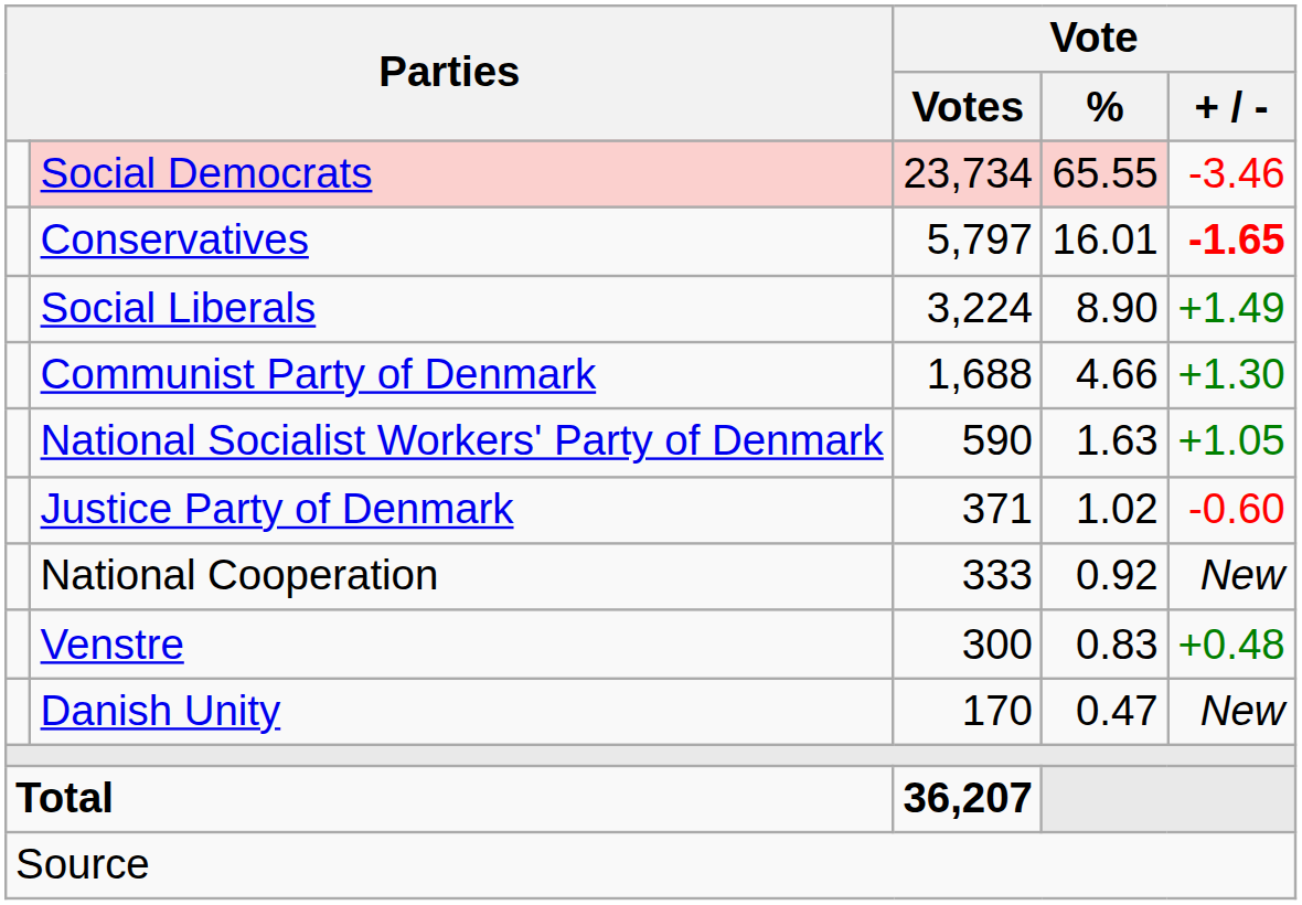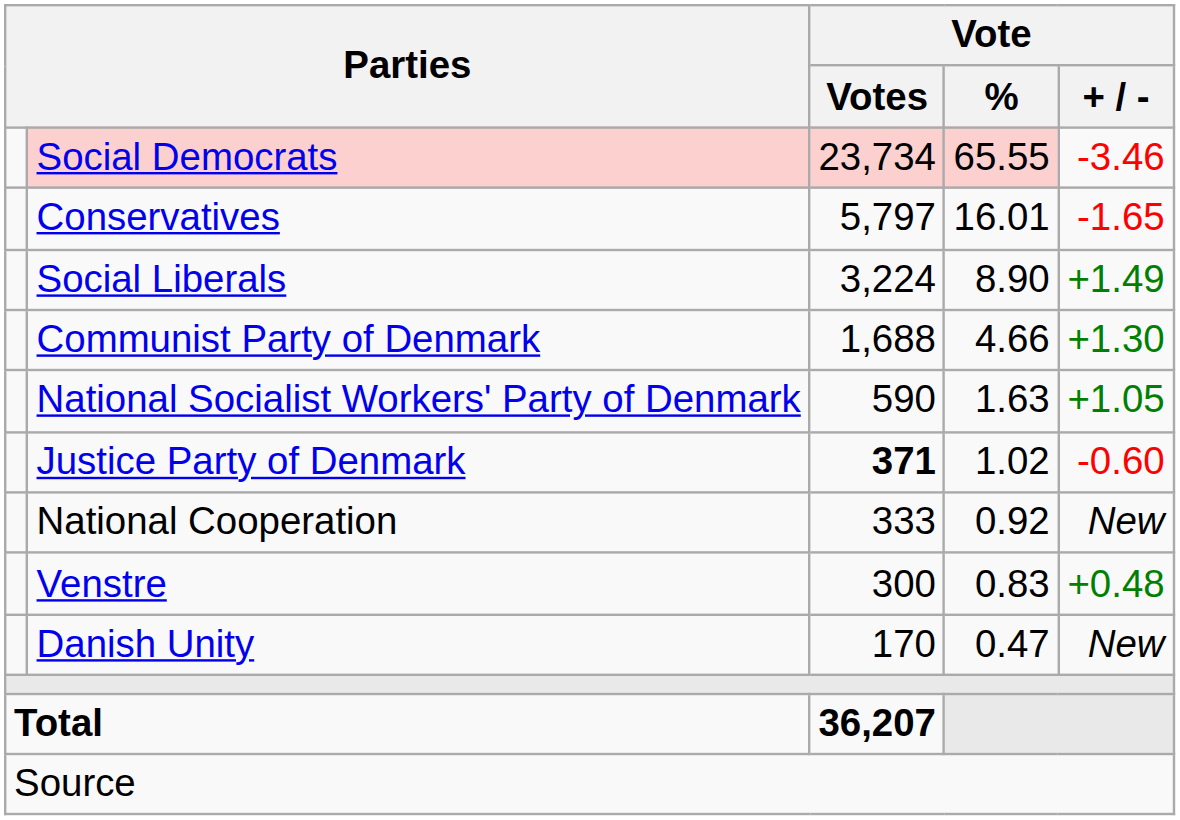 <table class="wikitable" style="text-align:right;">
 <tr>
 <th style="text-align:centre;" rowspan="2" colspan="2" width="225">Parties</th>
 <th colspan="3">Vote</th>
 </tr>
 <tr>
 <th width="15">Votes</th>
 <th width="15">%</th>
 <th width="15">+ / -</th>
 </tr>
 <tr>
 <td width="2" style="color:inherit;background:"></td>
 <td bgcolor=#fbd0ce  align="left"><a href='#'>Social Democrats</a></td>
 <td bgcolor=#fbd0ce>23,734</td>
 <td bgcolor=#fbd0ce>65.55</td>
 <td style=color:red;>-3.46</td>
 </tr>
 <tr>
 <td width="2" style="color:inherit;background:"></td>
 <td align="left"><a href='#'>Conservatives</a></td>
 <td>5,797</td>
 <td>16.01</td>
-<td style=color:red;><strong>-1.65</strong></td>
+<td style=color:red;>-1.65</td>
 </tr>
 <tr>
 <td width="2" style="color:inherit;background:"></td>
 <td align="left"><a href='#'>Social Liberals</a></td>
 <td>3,224</td>
 <td>8.90</td>
 <td style=color:green;>+1.49</td>
 </tr>
 <tr>
 <td width="2" style="color:inherit;background:"></td>
 <td align="left"><a href='#'>Communist Party of Denmark</a></td>
 <td>1,688</td>
 <td>4.66</td>
 <td style=color:green;>+1.30</td>
 </tr>
 <tr>
 <td width="2" style="color:inherit;background:"></td>
 <td align="left"><a href='#'>National Socialist Workers' Party of Denmark</a></td>
 <td>590</td>
 <td>1.63</td>
 <td style=color:green;>+1.05</td>
 </tr>
 <tr>
 <td width="2" style="color:inherit;background:"></td>
 <td align="left"><a href='#'>Justice Party of Denmark</a></td>
-<td>371</td>
+<td><strong>371</strong></td>
 <td>1.02</td>
 <td style=color:red;>-0.60</td>
 </tr>
 <tr>
 <td width="2" style="color:inherit;background:"></td>
 <td align="left">National Cooperation</td>
 <td>333</td>
 <td>0.92</td>
 <td><em>New</em></td>
 </tr>
 <tr>
 <td width="2" style="color:inherit;background:"></td>
 <td align="left"><a href='#'>Venstre</a></td>
 <td>300</td>
 <td>0.83</td>
 <td style=color:green;>+0.48</td>
 </tr>
 <tr>
 <td width="2" style="color:inherit;background:"></td>
 <td align="left"><a href='#'>Danish Unity</a></td>
 <td>170</td>
 <td>0.47</td>
 <td><em>New</em></td>
 </tr>
 <tr>
 <td colspan="7" bgcolor="#E9E9E9"></td>
 </tr>
 <tr>
 <td align="left" colspan="2"><strong>Total</strong></td>
 <td><strong>36,207</strong></td>
 <td bgcolor="#E9E9E9" colspan="2"></td>
 </tr>
 <tr>
 <td align="left" colspan="6">Source</td>
 </tr>
 </table>
